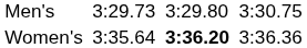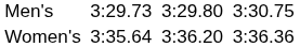 <table>
 <tr>
 <td>Men's<br></td>
 <td></td>
 <td>3:29.73</td>
 <td></td>
 <td>3:29.80</td>
 <td></td>
 <td>3:30.75</td>
 </tr>
 <tr>
 <td>Women's<br></td>
 <td></td>
 <td>3:35.64</td>
 <td></td>
-<td><strong>3:36.20</strong></td>
+<td>3:36.20</td>
 <td></td>
 <td>3:36.36</td>
 </tr>
 </table>
